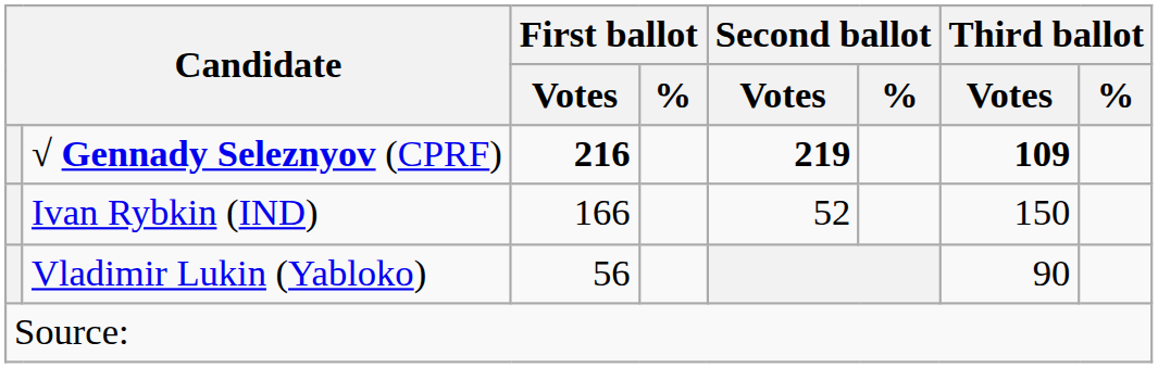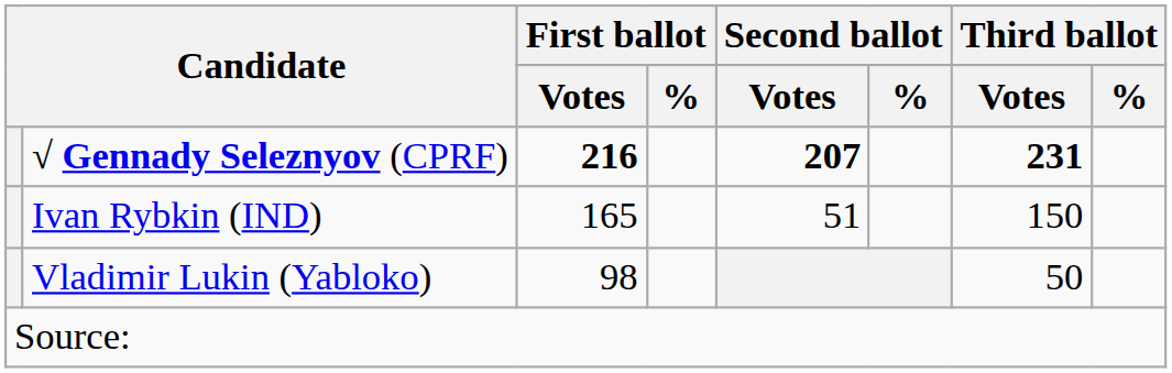 <table class=wikitable>
 <tr>
 <th rowspan=2; colspan=2>Candidate</th>
 <th colspan=2>First ballot</th>
 <th colspan=2>Second ballot</th>
 <th colspan=2>Third ballot</th>
 </tr>
 <tr>
 <th>Votes</th>
 <th>%</th>
 <th>Votes</th>
 <th>%</th>
 <th>Votes</th>
 <th>%</th>
 </tr>
 <tr>
 <th style="background-color:"></th>
 <td><strong>√ <a href='#'>Gennady Seleznyov</a></strong> (<a href='#'>CPRF</a>)</td>
 <td style="text-align:right"><strong>216</strong></td>
 <td style="text-align:right"><strong></strong></td>
-<td style="text-align:right"><strong>219</strong></td>
+<td style="text-align:right"><strong>207</strong></td>
 <td style="text-align:right"><strong></strong></td>
-<td style="text-align:right"><strong>109</strong></td>
+<td style="text-align:right"><strong>231</strong></td>
 <td style="text-align:right"><strong></strong></td>
 </tr>
 <tr>
 <th style="background-color:"></th>
 <td><a href='#'>Ivan Rybkin</a> (<a href='#'>IND</a>)</td>
-<td style="text-align:right">166</td>
+<td style="text-align:right">165</td>
 <td style="text-align:right"></td>
-<td style="text-align:right">52</td>
+<td style="text-align:right">51</td>
 <td style="text-align:right"></td>
 <td style="text-align:right">150</td>
 <td style="text-align:right"></td>
 </tr>
 <tr>
 <th style="background-color:"></th>
 <td><a href='#'>Vladimir Lukin</a> (<a href='#'>Yabloko</a>)</td>
-<td style="text-align:right">56</td>
+<td style="text-align:right">98</td>
 <td style="text-align:right"></td>
 <th colspan=2></th>
-<td style="text-align:right">90</td>
+<td style="text-align:right">50</td>
 <td style="text-align:right"></td>
 </tr>
 <tr>
 <td colspan=8>Source:</td>
 </tr>
 </table>
